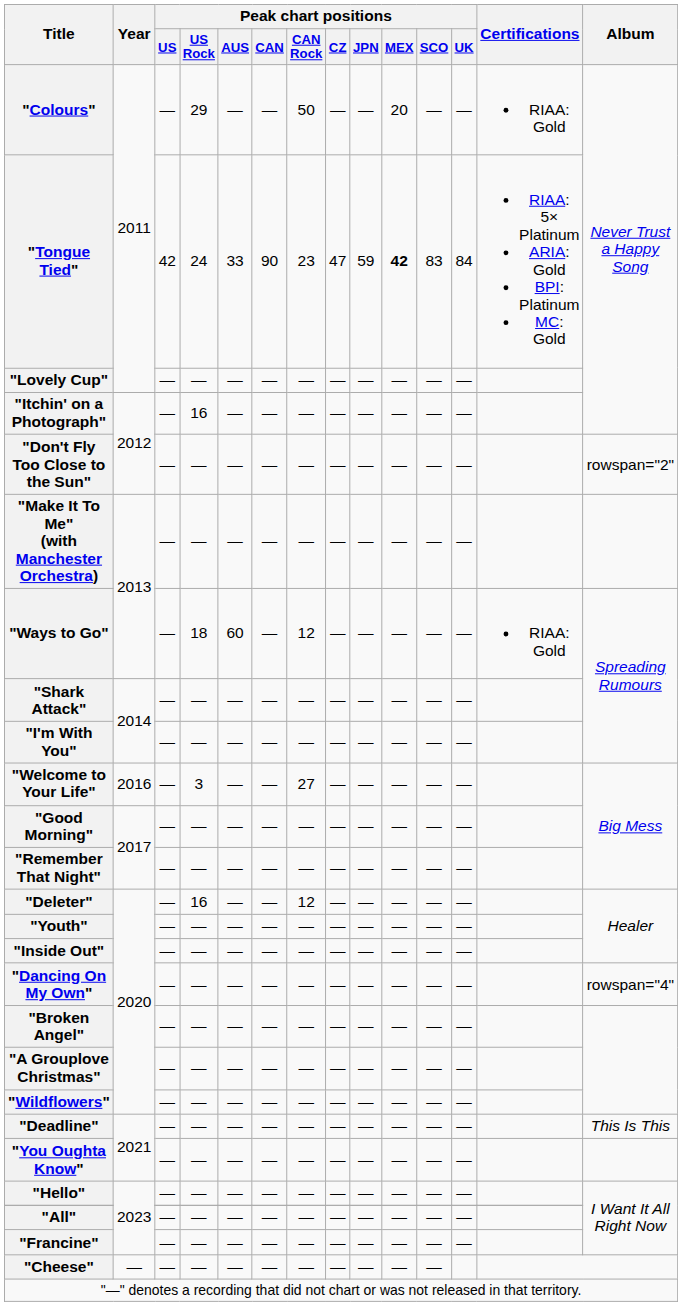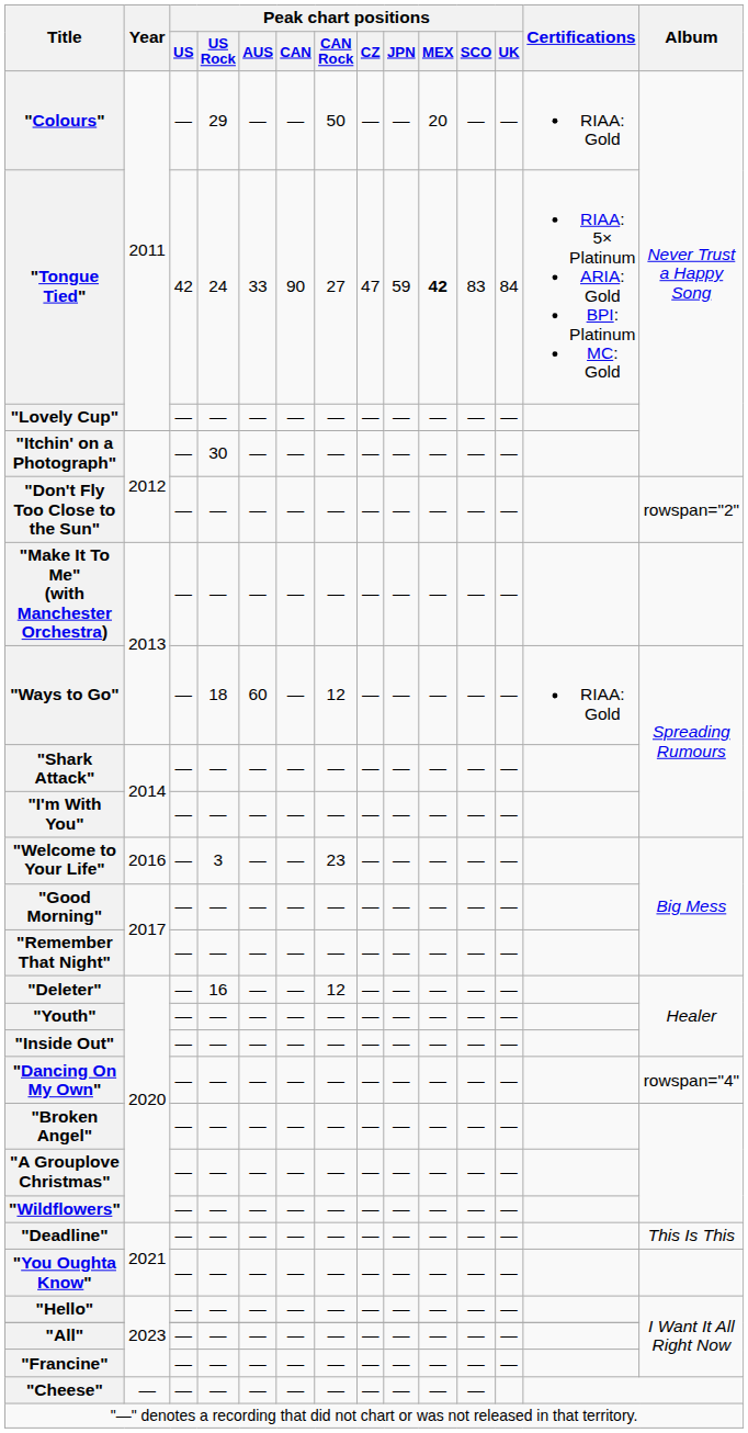 <table class="wikitable plainrowheaders" style="text-align:center;">
 <tr>
 <th scope="col" rowspan="2" style="width:17em;">Title</th>
 <th scope="col" rowspan="2">Year</th>
 <th scope="col" colspan="10">Peak chart positions</th>
 <th scope="col" rowspan="2" style="width:12em;"><a href='#'>Certifications</a></th>
 <th scope="col" rowspan="2">Album</th>
 </tr>
 <tr>
 <th scope="col" style="width:3em;font-size:85%;"><a href='#'>US</a><br></th>
 <th scope="col" style="width:3em;font-size:85%;"><a href='#'>US<br>Rock</a><br></th>
 <th scope="col" style="width:3em;font-size:85%;"><a href='#'>AUS</a><br></th>
 <th scope="col" style="width:3em;font-size:85%;"><a href='#'>CAN</a><br></th>
 <th scope="col" style="width:3em;font-size:85%;"><a href='#'>CAN<br>Rock</a><br></th>
 <th scope="col" style="width:3em;font-size:85%;"><a href='#'>CZ</a><br></th>
 <th scope="col" style="width:3em;font-size:85%;"><a href='#'>JPN</a><br></th>
 <th scope="col" style="width:3em;font-size:85%;"><a href='#'>MEX</a><br></th>
 <th scope="col" style="width:3em;font-size:85%;"><a href='#'>SCO</a><br></th>
 <th scope="col" style="width:3em;font-size:85%;"><a href='#'>UK</a><br></th>
 </tr>
 <tr>
 <th scope="row">"<a href='#'>Colours</a>"</th>
 <td rowspan="3">2011</td>
 <td>—</td>
 <td>29</td>
 <td>—</td>
 <td>—</td>
 <td>50</td>
 <td>—</td>
 <td>—</td>
 <td>20</td>
 <td>—</td>
 <td>—</td>
 <td><br><ul><li>RIAA: Gold</li></ul></td>
 <td rowspan="4"><em><a href='#'>Never Trust a Happy Song</a></em></td>
 </tr>
 <tr>
 <th scope="row">"<a href='#'>Tongue Tied</a>"</th>
 <td>42</td>
 <td>24</td>
 <td>33</td>
 <td>90</td>
-<td>23</td>
+<td>27</td>
 <td>47</td>
 <td>59</td>
 <td><strong>42</strong></td>
 <td>83</td>
 <td>84</td>
 <td><br><ul><li><a href='#'>RIAA</a>: 5× Platinum</li><li><a href='#'>ARIA</a>: Gold</li><li><a href='#'>BPI</a>: Platinum</li><li><a href='#'>MC</a>: Gold</li></ul></td>
 </tr>
 <tr>
 <th scope="row">"Lovely Cup"</th>
 <td>—</td>
 <td>—</td>
 <td>—</td>
 <td>—</td>
 <td>—</td>
 <td>—</td>
 <td>—</td>
 <td>—</td>
 <td>—</td>
 <td>—</td>
 <td></td>
 </tr>
 <tr>
 <th scope="row">"Itchin' on a Photograph"</th>
 <td rowspan="2">2012</td>
 <td>—</td>
-<td>16</td>
+<td>30</td>
 <td>—</td>
 <td>—</td>
 <td>—</td>
 <td>—</td>
 <td>—</td>
 <td>—</td>
 <td>—</td>
 <td>—</td>
 <td></td>
 </tr>
 <tr>
 <th scope="row">"Don't Fly Too Close to the Sun"</th>
 <td>—</td>
 <td>—</td>
 <td>—</td>
 <td>—</td>
 <td>—</td>
 <td>—</td>
 <td>—</td>
 <td>—</td>
 <td>—</td>
 <td>—</td>
 <td></td>
 <td>rowspan="2" </td>
 </tr>
 <tr>
 <th scope="row">"Make It To Me"<br><span>(with <a href='#'>Manchester Orchestra</a>)</span></th>
 <td rowspan="2">2013</td>
 <td>—</td>
 <td>—</td>
 <td>—</td>
 <td>—</td>
 <td>—</td>
 <td>—</td>
 <td>—</td>
 <td>—</td>
 <td>—</td>
 <td>—</td>
 <td></td>
 </tr>
 <tr>
 <th scope="row">"Ways to Go"</th>
 <td>—</td>
 <td>18</td>
 <td>60</td>
 <td>—</td>
 <td>12</td>
 <td>—</td>
 <td>—</td>
 <td>—</td>
 <td>—</td>
 <td>—</td>
 <td><br><ul><li>RIAA: Gold</li></ul></td>
 <td rowspan="3"><em><a href='#'>Spreading Rumours</a></em></td>
 </tr>
 <tr>
 <th scope="row">"Shark Attack"</th>
 <td rowspan="2">2014</td>
 <td>—</td>
 <td>—</td>
 <td>—</td>
 <td>—</td>
 <td>—</td>
 <td>—</td>
 <td>—</td>
 <td>—</td>
 <td>—</td>
 <td>—</td>
 <td></td>
 </tr>
 <tr>
 <th scope="row">"I'm With You"</th>
 <td>—</td>
 <td>—</td>
 <td>—</td>
 <td>—</td>
 <td>—</td>
 <td>—</td>
 <td>—</td>
 <td>—</td>
 <td>—</td>
 <td>—</td>
 <td></td>
 </tr>
 <tr>
 <th scope="row">"Welcome to Your Life"</th>
 <td>2016</td>
 <td>—</td>
 <td>3</td>
 <td>—</td>
 <td>—</td>
-<td>27</td>
+<td>23</td>
 <td>—</td>
 <td>—</td>
 <td>—</td>
 <td>—</td>
 <td>—</td>
 <td></td>
 <td rowspan="3"><em><a href='#'>Big Mess</a></em></td>
 </tr>
 <tr>
 <th scope="row">"Good Morning"</th>
 <td rowspan="2">2017</td>
 <td>—</td>
 <td>—</td>
 <td>—</td>
 <td>—</td>
 <td>—</td>
 <td>—</td>
 <td>—</td>
 <td>—</td>
 <td>—</td>
 <td>—</td>
 <td></td>
 </tr>
 <tr>
 <th scope="row">"Remember That Night"</th>
 <td>—</td>
 <td>—</td>
 <td>—</td>
 <td>—</td>
 <td>—</td>
 <td>—</td>
 <td>—</td>
 <td>—</td>
 <td>—</td>
 <td>—</td>
 <td></td>
 </tr>
 <tr>
 <th scope="row">"Deleter"</th>
 <td rowspan="7">2020</td>
 <td>—</td>
 <td>16</td>
 <td>—</td>
 <td>—</td>
 <td>12</td>
 <td>—</td>
 <td>—</td>
 <td>—</td>
 <td>—</td>
 <td>—</td>
 <td></td>
 <td rowspan="3"><em>Healer</em></td>
 </tr>
 <tr>
 <th scope="row">"Youth"</th>
 <td>—</td>
 <td>—</td>
 <td>—</td>
 <td>—</td>
 <td>—</td>
 <td>—</td>
 <td>—</td>
 <td>—</td>
 <td>—</td>
 <td>—</td>
 <td></td>
 </tr>
 <tr>
 <th scope="row">"Inside Out"</th>
 <td>—</td>
 <td>—</td>
 <td>—</td>
 <td>—</td>
 <td>—</td>
 <td>—</td>
 <td>—</td>
 <td>—</td>
 <td>—</td>
 <td>—</td>
 <td></td>
 </tr>
 <tr>
 <th scope="row">"<a href='#'>Dancing On My Own</a>"</th>
 <td>—</td>
 <td>—</td>
 <td>—</td>
 <td>—</td>
 <td>—</td>
 <td>—</td>
 <td>—</td>
 <td>—</td>
 <td>—</td>
 <td>—</td>
 <td></td>
 <td>rowspan="4" </td>
 </tr>
 <tr>
 <th scope="row">"Broken Angel"</th>
 <td>—</td>
 <td>—</td>
 <td>—</td>
 <td>—</td>
 <td>—</td>
 <td>—</td>
 <td>—</td>
 <td>—</td>
 <td>—</td>
 <td>—</td>
 <td></td>
 </tr>
 <tr>
 <th scope="row">"A Grouplove Christmas"</th>
 <td>—</td>
 <td>—</td>
 <td>—</td>
 <td>—</td>
 <td>—</td>
 <td>—</td>
 <td>—</td>
 <td>—</td>
 <td>—</td>
 <td>—</td>
 <td></td>
 </tr>
 <tr>
 <th scope="row">"<a href='#'>Wildflowers</a>"</th>
 <td>—</td>
 <td>—</td>
 <td>—</td>
 <td>—</td>
 <td>—</td>
 <td>—</td>
 <td>—</td>
 <td>—</td>
 <td>—</td>
 <td>—</td>
 <td></td>
 </tr>
 <tr>
 <th scope="row">"Deadline"</th>
 <td rowspan="2">2021</td>
 <td>—</td>
 <td>—</td>
 <td>—</td>
 <td>—</td>
 <td>—</td>
 <td>—</td>
 <td>—</td>
 <td>—</td>
 <td>—</td>
 <td>—</td>
 <td></td>
 <td><em>This Is This</em></td>
 </tr>
 <tr>
 <th scope="row">"<a href='#'>You Oughta Know</a>"</th>
 <td>—</td>
 <td>—</td>
 <td>—</td>
 <td>—</td>
 <td>—</td>
 <td>—</td>
 <td>—</td>
 <td>—</td>
 <td>—</td>
 <td>—</td>
 <td></td>
 <td></td>
 </tr>
 <tr>
 <th scope="row">"Hello"</th>
 <td rowspan="4">2023</td>
 <td>—</td>
 <td>—</td>
 <td>—</td>
 <td>—</td>
 <td>—</td>
 <td>—</td>
 <td>—</td>
 <td>—</td>
 <td>—</td>
 <td>—</td>
 <td></td>
 <td rowspan="4"><em>I Want It All Right Now</em></td>
 </tr>
 <tr>
 </tr>
 <tr>
 <th scope="row">"All"</th>
 <td>—</td>
 <td>—</td>
 <td>—</td>
 <td>—</td>
 <td>—</td>
 <td>—</td>
 <td>—</td>
 <td>—</td>
 <td>—</td>
 <td>—</td>
 <td></td>
 </tr>
 <tr>
 <th scope="row">"Francine"</th>
 <td>—</td>
 <td>—</td>
 <td>—</td>
 <td>—</td>
 <td>—</td>
 <td>—</td>
 <td>—</td>
 <td>—</td>
 <td>—</td>
 <td>—</td>
 <td></td>
 </tr>
 <tr>
 <th scope="row">"Cheese"</th>
 <td>—</td>
 <td>—</td>
 <td>—</td>
 <td>—</td>
 <td>—</td>
 <td>—</td>
 <td>—</td>
 <td>—</td>
 <td>—</td>
 <td>—</td>
 <td></td>
 </tr>
 <tr>
 <td colspan="15" style="font-size:90%">"—" denotes a recording that did not chart or was not released in that territory.</td>
 </tr>
 </table>
